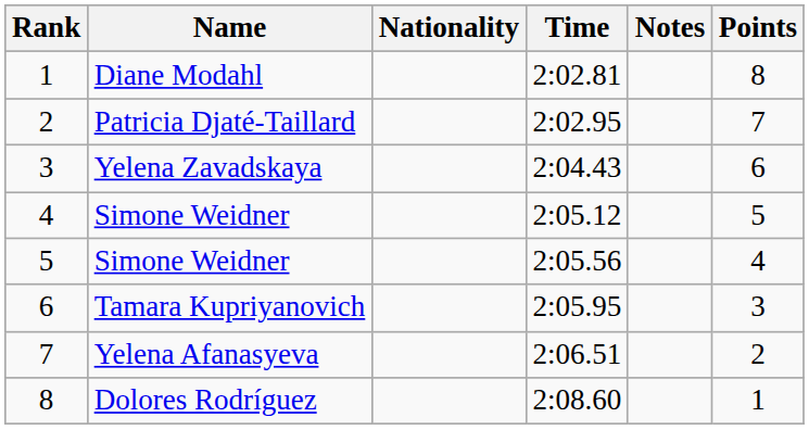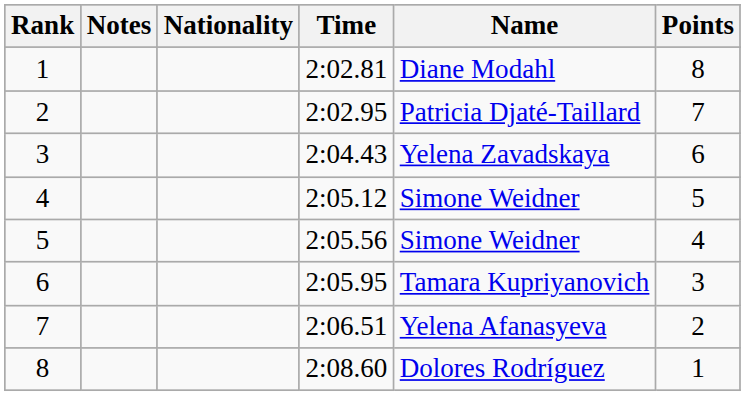 <table class="wikitable sortable" style="text-align:center">
 <tr>
 <th>Rank</th>
-<th>Name</th>
+<th>Notes</th>
 <th>Nationality</th>
 <th>Time</th>
-<th>Notes</th>
+<th>Name</th>
 <th>Points</th>
 </tr>
 <tr>
 <td>1</td>
-<td align=left><a href='#'>Diane Modahl</a></td>
+<td></td>
 <td align=left></td>
 <td>2:02.81</td>
-<td></td>
+<td align=left><a href='#'>Diane Modahl</a></td>
 <td>8</td>
 </tr>
 <tr>
 <td>2</td>
-<td align=left><a href='#'>Patricia Djaté-Taillard</a></td>
+<td></td>
 <td align=left></td>
 <td>2:02.95</td>
-<td></td>
+<td align=left><a href='#'>Patricia Djaté-Taillard</a></td>
 <td>7</td>
 </tr>
 <tr>
 <td>3</td>
-<td align=left><a href='#'>Yelena Zavadskaya</a></td>
+<td></td>
 <td align=left></td>
 <td>2:04.43</td>
-<td></td>
+<td align=left><a href='#'>Yelena Zavadskaya</a></td>
 <td>6</td>
 </tr>
 <tr>
 <td>4</td>
-<td align=left><a href='#'>Simone Weidner</a></td>
+<td></td>
 <td align=left></td>
 <td>2:05.12</td>
-<td></td>
+<td align=left><a href='#'>Simone Weidner</a></td>
 <td>5</td>
 </tr>
 <tr>
 <td>5</td>
-<td align=left><a href='#'>Simone Weidner</a></td>
+<td></td>
 <td align=left></td>
 <td>2:05.56</td>
-<td></td>
+<td align=left><a href='#'>Simone Weidner</a></td>
 <td>4</td>
 </tr>
 <tr>
 <td>6</td>
-<td align=left><a href='#'>Tamara Kupriyanovich</a></td>
+<td></td>
 <td align=left></td>
 <td>2:05.95</td>
-<td></td>
+<td align=left><a href='#'>Tamara Kupriyanovich</a></td>
 <td>3</td>
 </tr>
 <tr>
 <td>7</td>
-<td align=left><a href='#'>Yelena Afanasyeva</a></td>
+<td></td>
 <td align=left></td>
 <td>2:06.51</td>
-<td></td>
+<td align=left><a href='#'>Yelena Afanasyeva</a></td>
 <td>2</td>
 </tr>
 <tr>
 <td>8</td>
-<td align=left><a href='#'>Dolores Rodríguez</a></td>
+<td></td>
 <td align=left></td>
 <td>2:08.60</td>
-<td></td>
+<td align=left><a href='#'>Dolores Rodríguez</a></td>
 <td>1</td>
 </tr>
 </table>
